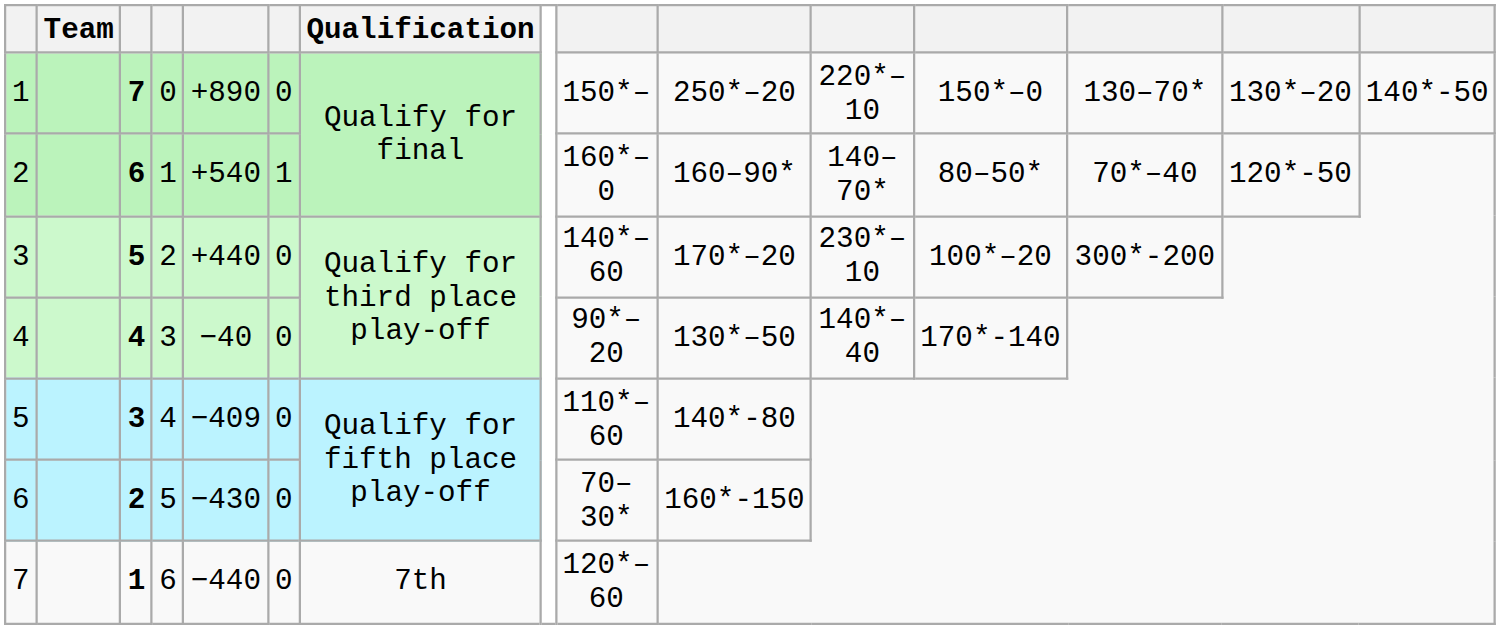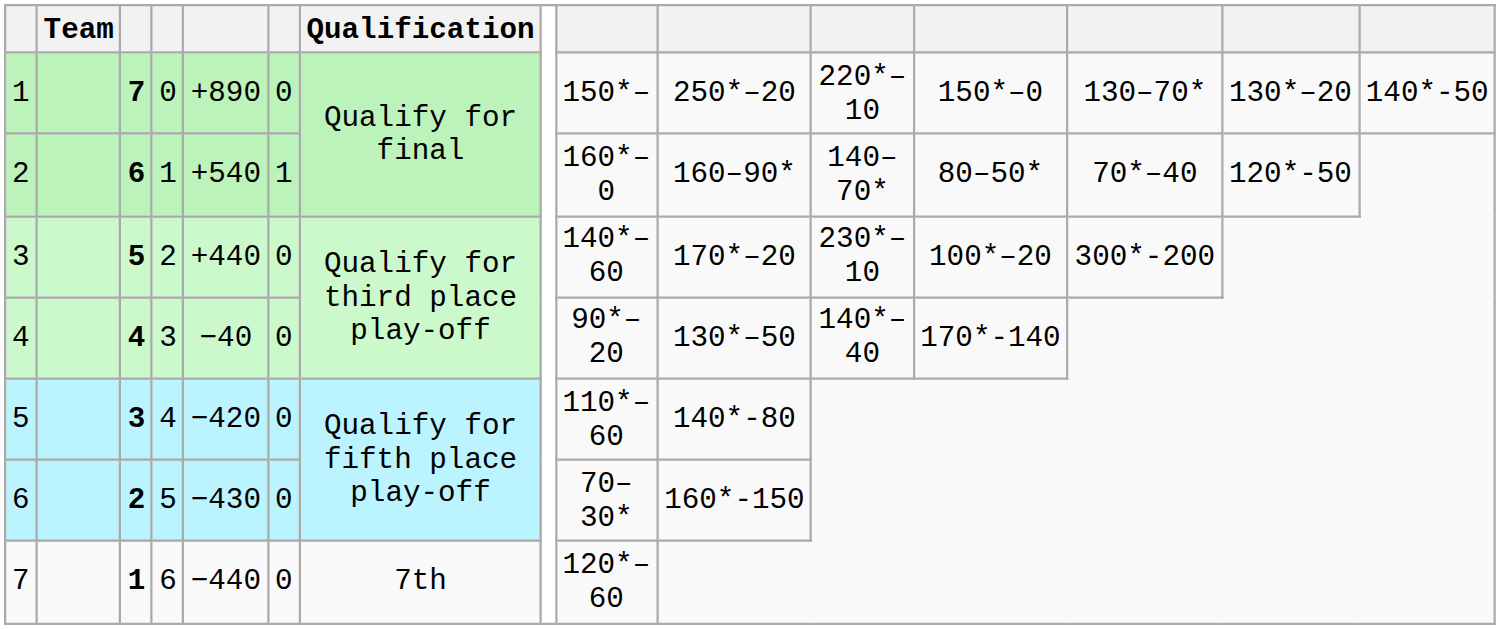 <table class="wikitable" style="text-align:center;">
 <tr>
 <th width="28px"></th>
 <th width="190px">Team</th>
 <th width="28px"></th>
 <th width="28px"></th>
 <th width="36px"></th>
 <th width="28px"></th>
 <th>Qualification</th>
 <th style="background-color:white;border-bottom:white;" rowspan="8"></th>
 <th></th>
 <th></th>
 <th></th>
 <th></th>
 <th></th>
 <th></th>
 <th></th>
 </tr>
 <tr>
 <td style="background-color:#BBF3BB;">1</td>
 <td style="text-align:left;background-color:#BBF3BB;"></td>
 <td style="background-color:#BBF3BB;"><strong>7</strong></td>
 <td style="background-color:#BBF3BB;">0</td>
 <td style="background-color:#BBF3BB;">+890</td>
 <td style="background-color:#BBF3BB;">0</td>
 <td rowspan="2" style="background-color:#BBF3BB;">Qualify for final</td>
 <td>150*–</td>
 <td>250*–20</td>
 <td>220*–10</td>
 <td>150*–0</td>
 <td>130–70*</td>
 <td>130*–20</td>
 <td>140*-50</td>
 </tr>
 <tr>
 <td style="background-color:#BBF3BB;">2</td>
 <td style="text-align:left;background-color:#BBF3BB;"></td>
 <td style="background-color:#BBF3BB;"><strong>6</strong></td>
 <td style="background-color:#BBF3BB;">1</td>
 <td style="background-color:#BBF3BB;">+540</td>
 <td style="background-color:#BBF3BB;">1</td>
 <td>160*–0</td>
 <td>160–90* </td>
 <td>140–70*</td>
 <td>80–50*</td>
 <td>70*–40</td>
 <td>120*-50</td>
 </tr>
 <tr>
 <td style="background-color:#CCF9CC;">3</td>
 <td style="text-align:left;background-color:#CCF9CC;"></td>
 <td style="background-color:#CCF9CC;"><strong>5</strong></td>
 <td style="background-color:#CCF9CC;">2</td>
 <td style="background-color:#CCF9CC;">+440</td>
 <td style="background-color:#CCF9CC;">0</td>
 <td rowspan="2" style="background-color:#CCF9CC;">Qualify for third place play-off</td>
 <td>140*–60</td>
 <td>170*–20</td>
 <td>230*–10</td>
 <td>100*–20</td>
 <td>300*-200</td>
 </tr>
 <tr>
 <td style="background-color:#CCF9CC;">4</td>
 <td style="text-align:left;background-color:#CCF9CC;"></td>
 <td style="background-color:#CCF9CC;"><strong>4</strong></td>
 <td style="background-color:#CCF9CC;">3</td>
 <td style="background-color:#CCF9CC;">−40</td>
 <td style="background-color:#CCF9CC;">0</td>
 <td>90*–20</td>
 <td>130*–50</td>
 <td>140*–40</td>
 <td>170*-140</td>
 </tr>
 <tr>
 <td style="background-color:#BBF3FF;">5</td>
 <td style="text-align:left;background-color:#BBF3FF;"></td>
 <td style="background-color:#BBF3FF;"><strong>3</strong></td>
 <td style="background-color:#BBF3FF;">4</td>
-<td style="background-color:#BBF3FF;">−409</td>
+<td style="background-color:#BBF3FF;">−420</td>
 <td style="background-color:#BBF3FF;">0</td>
 <td rowspan="2" style="background-color:#BBF3FF;">Qualify for fifth place play-off</td>
 <td>110*–60</td>
 <td>140*-80</td>
 </tr>
 <tr>
 <td style="background-color:#BBF3FF;">6</td>
 <td style="text-align:left;background-color:#BBF3FF;"></td>
 <td style="background-color:#BBF3FF;"><strong>2</strong></td>
 <td style="background-color:#BBF3FF;">5</td>
 <td style="background-color:#BBF3FF;">−430</td>
 <td style="background-color:#BBF3FF;">0</td>
 <td>70–30*</td>
 <td>160*-150</td>
 </tr>
 <tr>
 <td>7</td>
 <td style="text-align:left;"></td>
 <td><strong>1</strong></td>
 <td>6</td>
 <td>−440</td>
 <td>0</td>
 <td>7th</td>
 <td>120*–60</td>
 </tr>
 </table>
